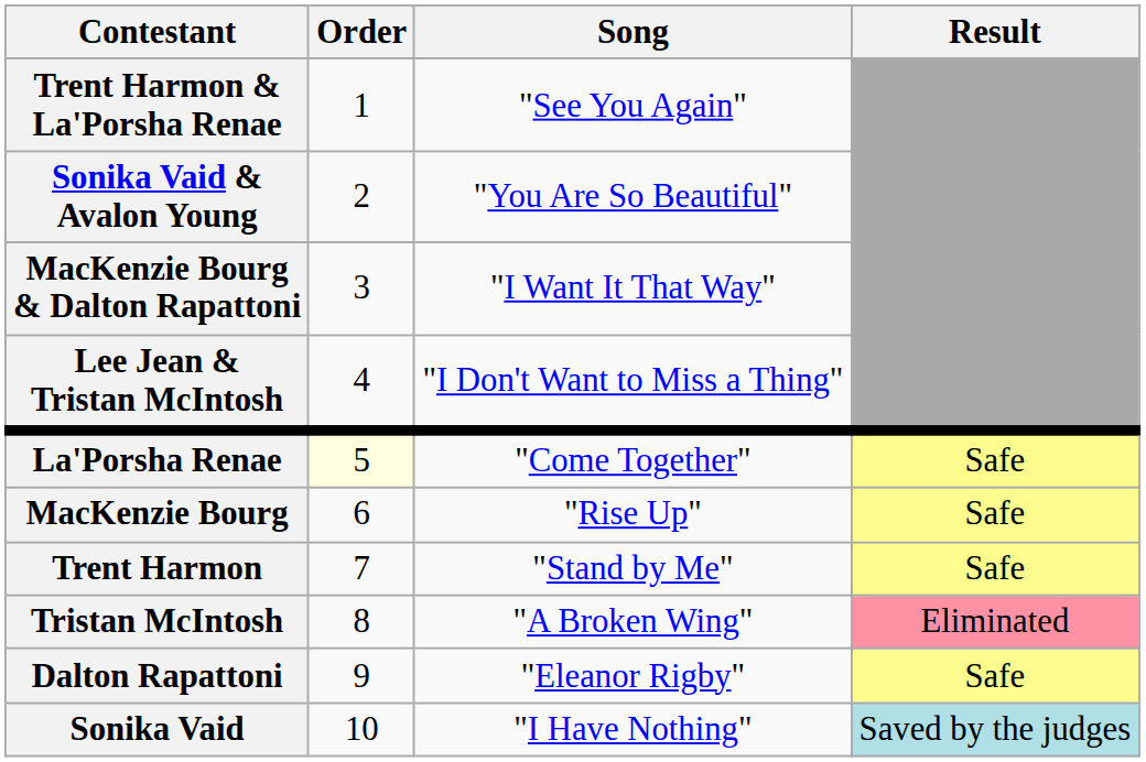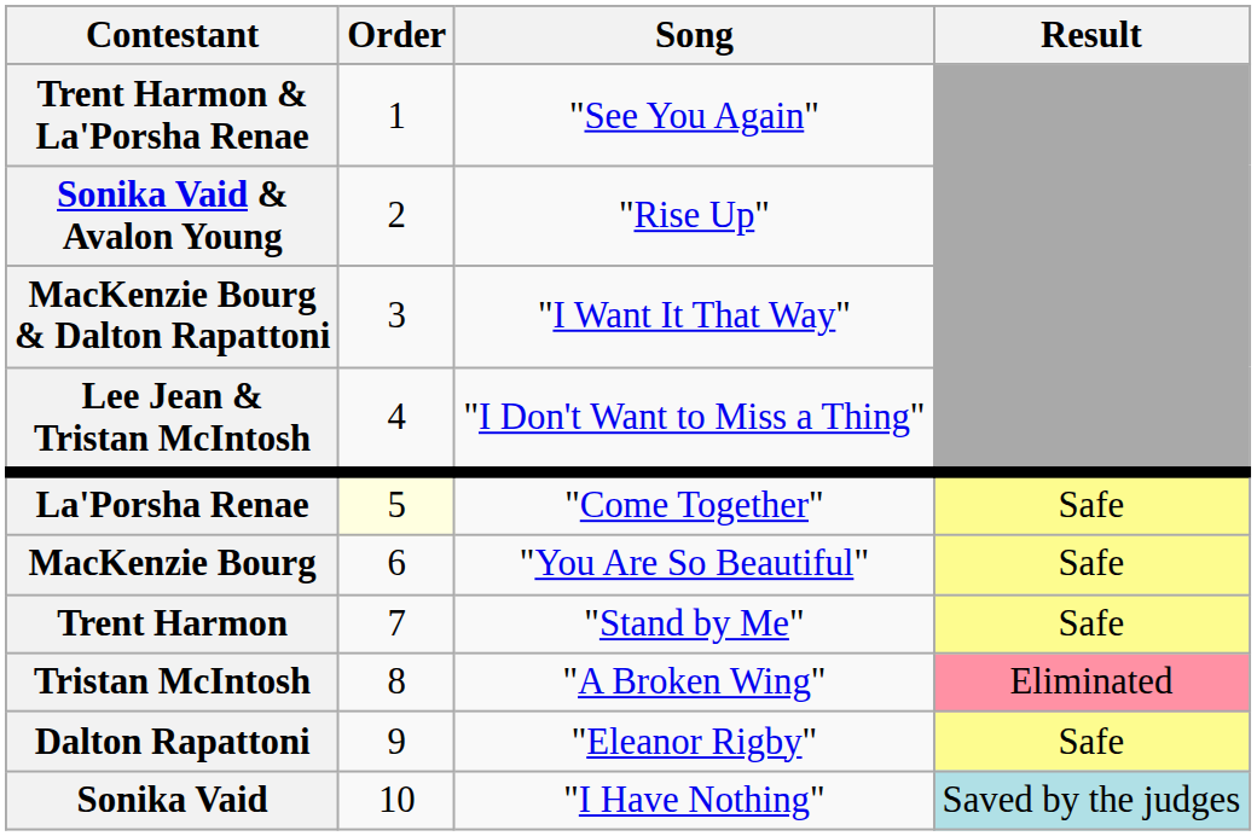 <table class="wikitable unsortable" style="text-align:center;">
 <tr>
 <th scope="col">Contestant</th>
 <th scope="col">Order</th>
 <th scope="col">Song</th>
 <th scope="col">Result</th>
 </tr>
 <tr>
 <th scope="row">Trent Harmon &<br>La'Porsha Renae</th>
 <td>1</td>
 <td>"<a href='#'>See You Again</a>"</td>
 <td rowspan="4" bgcolor="darkgray"></td>
 </tr>
 <tr>
 <th scope="row"><a href='#'>Sonika Vaid</a> &<br>Avalon Young</th>
 <td>2</td>
-<td>"<a href='#'>You Are So Beautiful</a>"</td>
+<td>"<a href='#'>Rise Up</a>"</td>
 </tr>
 <tr>
 <th scope="row">MacKenzie Bourg<br>& Dalton Rapattoni</th>
 <td>3</td>
 <td>"<a href='#'>I Want It That Way</a>"</td>
 </tr>
 <tr>
 <th scope="row">Lee Jean &<br>Tristan McIntosh</th>
 <td>4</td>
 <td>"<a href='#'>I Don't Want to Miss a Thing</a>"</td>
 </tr>
 <tr style="border-top:5px solid">
 <th scope="row">La'Porsha Renae</th>
 <td style="background: lightyellow;">5</td>
 <td>"<a href='#'>Come Together</a>"</td>
 <td style="background:#FDFC8F">Safe</td>
 </tr>
 <tr>
 <th scope="row">MacKenzie Bourg</th>
 <td>6</td>
-<td>"<a href='#'>Rise Up</a>"</td>
+<td>"<a href='#'>You Are So Beautiful</a>"</td>
 <td style="background:#FDFC8F">Safe</td>
 </tr>
 <tr>
 <th scope="row">Trent Harmon</th>
 <td>7</td>
 <td>"<a href='#'>Stand by Me</a>"</td>
 <td style="background:#FDFC8F">Safe</td>
 </tr>
 <tr>
 <th scope="row">Tristan McIntosh</th>
 <td>8</td>
 <td>"<a href='#'>A Broken Wing</a>"</td>
 <td bgcolor="FF91A4">Eliminated</td>
 </tr>
 <tr>
 <th scope="row">Dalton Rapattoni</th>
 <td>9</td>
 <td>"<a href='#'>Eleanor Rigby</a>"</td>
 <td style="background:#FDFC8F">Safe</td>
 </tr>
 <tr>
 <th scope="row">Sonika Vaid</th>
 <td>10</td>
 <td>"<a href='#'>I Have Nothing</a>"</td>
 <td bgcolor="B0E0E6">Saved by the judges</td>
 </tr>
 </table>
